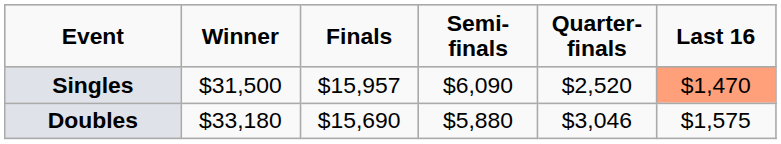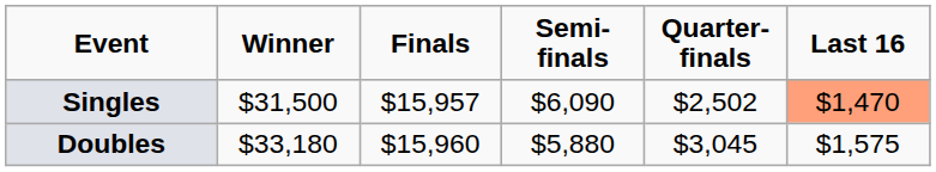 <table class=wikitable style="font-size:90%;text-align:center">
 <tr>
 <td style="width:104px;"><strong>Event</strong></td>
 <td style="width:68px;"><strong>Winner</strong></td>
 <td style="width:68px;"><strong>Finals</strong></td>
 <td style="width:68px;"><strong>Semi-finals</strong></td>
 <td style="width:68px;"><strong>Quarter-finals</strong></td>
 <td style="width:68px;"><strong>Last 16</strong></td>
 </tr>
 <tr>
 <td style="background:#dfe2e9;"><strong>Singles</strong></td>
 <td>$31,500</td>
 <td>$15,957</td>
 <td>$6,090</td>
-<td>$2,520</td>
+<td>$2,502</td>
 <td style="background: lightsalmon;">$1,470</td>
 </tr>
 <tr>
 <td style="background:#dfe2e9;"><strong>Doubles</strong></td>
 <td>$33,180</td>
-<td>$15,690</td>
+<td>$15,960</td>
 <td>$5,880</td>
-<td>$3,046</td>
+<td>$3,045</td>
 <td>$1,575</td>
 </tr>
 </table>
